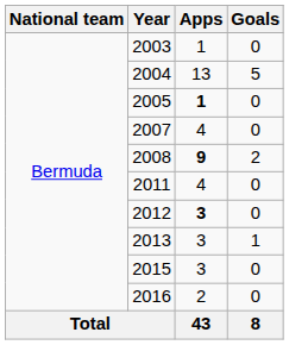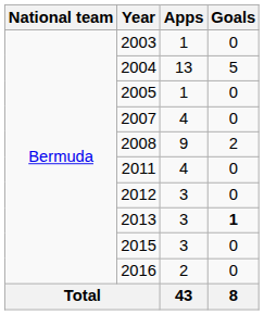 <table class="wikitable" style="text-align:center">
 <tr>
 <th>National team</th>
 <th>Year</th>
 <th>Apps</th>
 <th>Goals</th>
 </tr>
 <tr>
 <td rowspan="10"><a href='#'>Bermuda</a></td>
 <td>2003</td>
 <td>1</td>
 <td>0</td>
 </tr>
 <tr>
 <td>2004</td>
 <td>13</td>
 <td>5</td>
 </tr>
 <tr>
 <td>2005</td>
-<td><strong>1</strong></td>
+<td>1</td>
 <td>0</td>
 </tr>
 <tr>
 <td>2007</td>
 <td>4</td>
 <td>0</td>
 </tr>
 <tr>
 <td>2008</td>
-<td><strong>9</strong></td>
+<td>9</td>
 <td>2</td>
 </tr>
 <tr>
 <td>2011</td>
 <td>4</td>
 <td>0</td>
 </tr>
 <tr>
 <td>2012</td>
-<td><strong>3</strong></td>
+<td>3</td>
 <td>0</td>
 </tr>
 <tr>
 <td>2013</td>
 <td>3</td>
-<td>1</td>
+<td><strong>1</strong></td>
 </tr>
 <tr>
 <td>2015</td>
 <td>3</td>
 <td>0</td>
 </tr>
 <tr>
 <td>2016</td>
 <td>2</td>
 <td>0</td>
 </tr>
 <tr>
 <th colspan="2">Total</th>
 <th>43</th>
 <th>8</th>
 </tr>
 </table>
